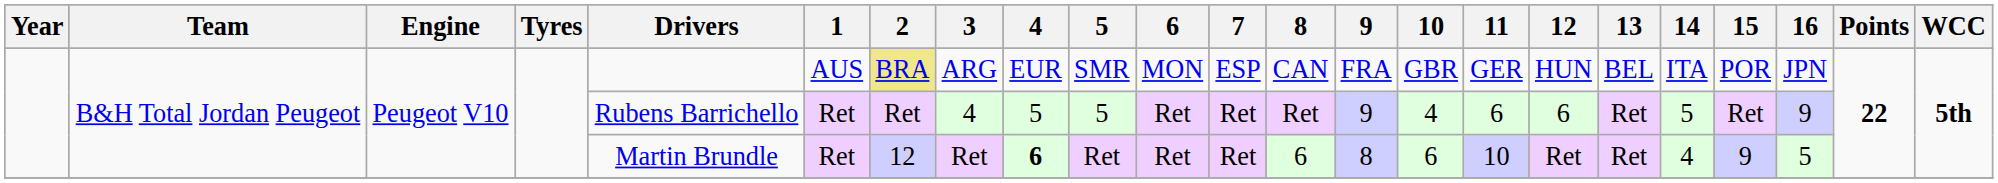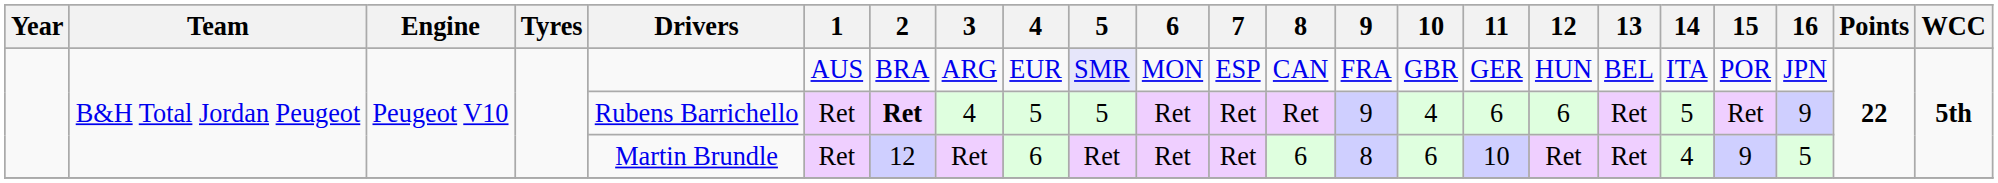 <table class="wikitable" style="text-align:center; font-size:95%">
 <tr>
 <th>Year</th>
 <th>Team</th>
 <th>Engine</th>
 <th>Tyres</th>
 <th>Drivers</th>
 <th>1</th>
 <th>2</th>
 <th>3</th>
 <th>4</th>
 <th>5</th>
 <th>6</th>
 <th>7</th>
 <th>8</th>
 <th>9</th>
 <th>10</th>
 <th>11</th>
 <th>12</th>
 <th>13</th>
 <th>14</th>
 <th>15</th>
 <th>16</th>
 <th>Points</th>
 <th>WCC</th>
 </tr>
 <tr>
 <td rowspan="3"></td>
 <td rowspan="3"><a href='#'>B&H</a> <a href='#'>Total</a> <a href='#'>Jordan</a> <a href='#'>Peugeot</a></td>
 <td rowspan="3"><a href='#'>Peugeot</a> <a href='#'>V10</a></td>
 <td rowspan="3"></td>
 <td></td>
 <td><a href='#'>AUS</a></td>
-<td style="background: khaki;"><a href='#'>BRA</a></td>
+<td><a href='#'>BRA</a></td>
 <td><a href='#'>ARG</a></td>
 <td><a href='#'>EUR</a></td>
-<td><a href='#'>SMR</a></td>
+<td style="background: lavender;"><a href='#'>SMR</a></td>
 <td><a href='#'>MON</a></td>
 <td><a href='#'>ESP</a></td>
 <td><a href='#'>CAN</a></td>
 <td><a href='#'>FRA</a></td>
 <td><a href='#'>GBR</a></td>
 <td><a href='#'>GER</a></td>
 <td><a href='#'>HUN</a></td>
 <td><a href='#'>BEL</a></td>
 <td><a href='#'>ITA</a></td>
 <td><a href='#'>POR</a></td>
 <td><a href='#'>JPN</a></td>
 <td rowspan="3"><strong>22</strong></td>
 <td rowspan="3"><strong>5th</strong></td>
 </tr>
 <tr>
 <td><a href='#'>Rubens Barrichello</a></td>
 <td style="background:#EFCFFF;">Ret</td>
-<td style="background:#EFCFFF;">Ret</td>
+<td style="background:#EFCFFF;"><strong>Ret</strong></td>
 <td style="background:#DFFFDF;">4</td>
 <td style="background:#DFFFDF;">5</td>
 <td style="background:#DFFFDF;">5</td>
 <td style="background:#EFCFFF;">Ret</td>
 <td style="background:#EFCFFF;">Ret</td>
 <td style="background:#EFCFFF;">Ret</td>
 <td style="background:#CFCFFF;">9</td>
 <td style="background:#DFFFDF;">4</td>
 <td style="background:#DFFFDF;">6</td>
 <td style="background:#DFFFDF;">6</td>
 <td style="background:#EFCFFF;">Ret</td>
 <td style="background:#DFFFDF;">5</td>
 <td style="background:#EFCFFF;">Ret</td>
 <td style="background:#CFCFFF;">9</td>
 </tr>
 <tr>
 <td><a href='#'>Martin Brundle</a></td>
 <td style="background:#EFCFFF;">Ret</td>
 <td style="background:#CFCFFF;">12</td>
 <td style="background:#EFCFFF;">Ret</td>
-<td style="background:#DFFFDF;"><strong>6</strong></td>
+<td style="background:#DFFFDF;">6</td>
 <td style="background:#EFCFFF;">Ret</td>
 <td style="background:#EFCFFF;">Ret</td>
 <td style="background:#EFCFFF;">Ret</td>
 <td style="background:#DFFFDF;">6</td>
 <td style="background:#CFCFFF;">8</td>
 <td style="background:#DFFFDF;">6</td>
 <td style="background:#CFCFFF;">10</td>
 <td style="background:#EFCFFF;">Ret</td>
 <td style="background:#EFCFFF;">Ret</td>
 <td style="background:#DFFFDF;">4</td>
 <td style="background:#CFCFFF;">9</td>
 <td style="background:#DFFFDF;">5</td>
 </tr>
 <tr>
 </tr>
 </table>
